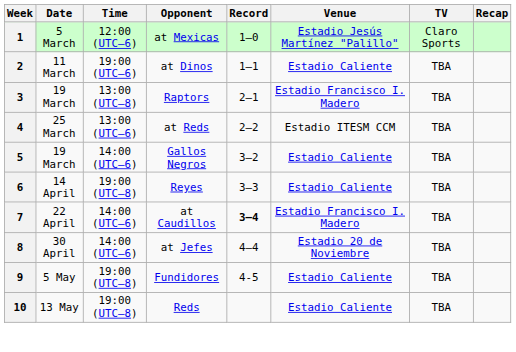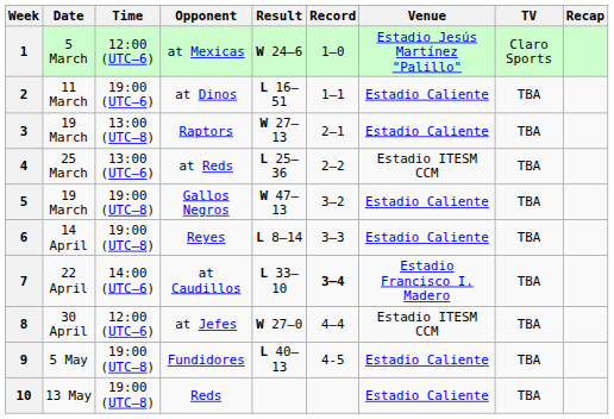 <table class="wikitable" style="text-align:center">
 <tr>
 <th>Week</th>
 <th>Date</th>
 <th>Time</th>
 <th>Opponent</th>
+<th>Result</th>
 <th>Record</th>
 <th>Venue</th>
 <th>TV</th>
 <th>Recap</th>
 </tr>
 <tr style="background:#cfc">
 <th>1</th>
 <td>5 March</td>
 <td>12:00 (<a href='#'>UTC–6</a>)</td>
 <td>at <a href='#'>Mexicas</a></td>
+<td><strong>W</strong> 24–6</td>
 <td>1–0</td>
 <td><a href='#'>Estadio Jesús Martínez "Palillo"</a></td>
 <td>Claro Sports</td>
 <td></td>
 </tr>
 <tr style="background:#">
 <th>2</th>
 <td>11 March</td>
 <td>19:00 (<a href='#'>UTC–6</a>)</td>
 <td>at <a href='#'>Dinos</a></td>
+<td><strong>L</strong> 16–51</td>
 <td>1–1</td>
 <td><a href='#'>Estadio Caliente</a></td>
 <td>TBA</td>
 <td></td>
 </tr>
 <tr style="background:#">
 <th>3</th>
 <td>19 March</td>
 <td>13:00 (<a href='#'>UTC–8</a>)</td>
 <td><a href='#'>Raptors</a></td>
+<td><strong>W</strong> 27–13</td>
 <td>2–1</td>
-<td><a href='#'>Estadio Francisco I. Madero</a></td>
+<td><a href='#'>Estadio Caliente</a></td>
 <td>TBA</td>
 <td></td>
 </tr>
 <tr style="background:#">
 <th>4</th>
 <td>25 March</td>
 <td>13:00 (<a href='#'>UTC–6</a>)</td>
 <td>at <a href='#'>Reds</a></td>
+<td><strong>L</strong> 25–36</td>
 <td>2–2</td>
 <td>Estadio ITESM CCM</td>
 <td>TBA</td>
 <td></td>
 </tr>
 <tr style="background:#">
 <th>5</th>
 <td>19 March</td>
-<td>14:00 (<a href='#'>UTC–6</a>)</td>
+<td>19:00 (<a href='#'>UTC–8</a>)</td>
 <td><a href='#'>Gallos Negros</a></td>
+<td><strong>W</strong> 47–13</td>
 <td>3–2</td>
 <td><a href='#'>Estadio Caliente</a></td>
 <td>TBA</td>
 <td></td>
 </tr>
 <tr style="background:#">
 <th>6</th>
 <td>14 April</td>
 <td>19:00 (<a href='#'>UTC–8</a>)</td>
 <td><a href='#'>Reyes</a></td>
+<td><strong>L</strong> 8–14</td>
 <td>3–3</td>
 <td><a href='#'>Estadio Caliente</a></td>
 <td>TBA</td>
 <td></td>
 </tr>
 <tr style="background:#">
 <th>7</th>
 <td>22 April</td>
 <td>14:00 (<a href='#'>UTC–6</a>)</td>
 <td>at <a href='#'>Caudillos</a></td>
+<td><strong>L</strong> 33–10</td>
 <td><strong>3–4</strong></td>
 <td><a href='#'>Estadio Francisco I. Madero</a></td>
 <td>TBA</td>
 <td></td>
 </tr>
 <tr style="background:#">
 <th>8</th>
 <td>30 April</td>
-<td>14:00 (<a href='#'>UTC–6</a>)</td>
+<td>12:00 (<a href='#'>UTC–6</a>)</td>
 <td>at <a href='#'>Jefes</a></td>
+<td><strong>W</strong> 27–0</td>
 <td>4–4</td>
-<td><a href='#'>Estadio 20 de Noviembre</a></td>
+<td>Estadio ITESM CCM</td>
 <td>TBA</td>
 <td></td>
 </tr>
 <tr style="background:#">
 <th>9</th>
 <td>5 May</td>
 <td>19:00 (<a href='#'>UTC–8</a>)</td>
 <td><a href='#'>Fundidores</a></td>
+<td><strong>L</strong> 40–13</td>
 <td>4-5</td>
 <td><a href='#'>Estadio Caliente</a></td>
 <td>TBA</td>
 <td></td>
 </tr>
 <tr style="background:#">
 <th>10</th>
 <td>13 May</td>
 <td>19:00 (<a href='#'>UTC–8</a>)</td>
 <td><a href='#'>Reds</a></td>
 <td></td>
+<td></td>
 <td><a href='#'>Estadio Caliente</a></td>
 <td>TBA</td>
 <td></td>
 </tr>
 </table>
